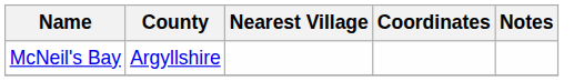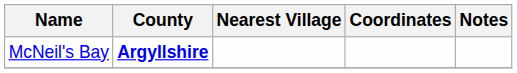 <table class="wikitable sortable" style="table-layout:fixed;background-color:#FEFEFE;font-size:95%;padding:0.30em;line-height:1.35em;">
 <tr>
 <th scope="col">Name</th>
 <th scope="col">County</th>
 <th scope="col">Nearest Village</th>
 <th scope="col" data-sort-type="number">Coordinates</th>
 <th scope="col">Notes</th>
 </tr>
 <tr>
 <td><a href='#'>McNeil's Bay</a></td>
-<td><a href='#'>Argyllshire</a></td>
+<td><strong><a href='#'>Argyllshire</a></strong></td>
 <td></td>
 <td></td>
 <td></td>
 </tr>
 <tr>
 </tr>
 </table>
